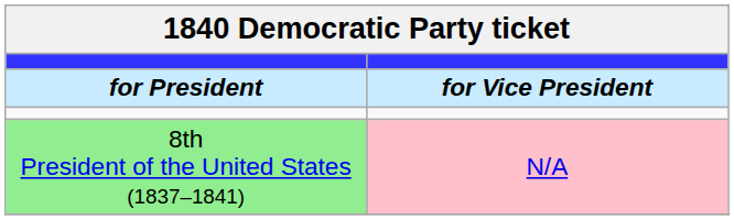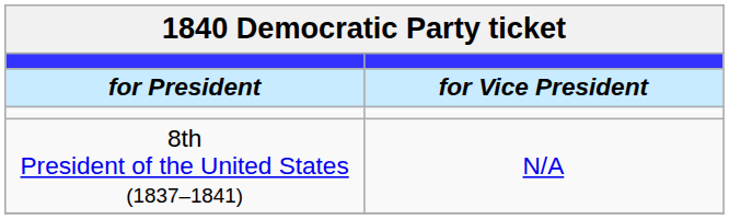 <table class="wikitable" style="font-size:90%; text-align:center;">
 <tr>
 <td style="background:#f1f1f1;" colspan="30"><big><strong>1840 Democratic Party ticket</strong></big></td>
 </tr>
 <tr>
 <th style="width:3em; font-size:135%; background:#3333FF; width:200px;"><a href='#'></a></th>
 <th style="width:3em; font-size:135%; background:#3333FF; width:200px;"><a href='#'></a></th>
 </tr>
 <tr>
 <td style="width:3em; font-size:100%; color:#000; background:#C8EBFF; width:200px;"><strong><em>for President</em></strong></td>
 <td style="width:3em; font-size:100%; color:#000; background:#C8EBFF; width:200px;"><strong><em>for Vice President</em></strong></td>
 </tr>
 <tr>
 <td></td>
 </tr>
 <tr>
-<td style="background: lightgreen;">8th<br><a href='#'>President of the United States</a><br><small>(1837–1841)</small></td>
-<td style="background: pink;"><a href='#'>N/A</a></td>
+<td>8th<br><a href='#'>President of the United States</a><br><small>(1837–1841)</small></td>
+<td><a href='#'>N/A</a></td>
 </tr>
 <tr>
 </tr>
 </table>
